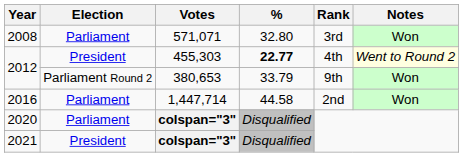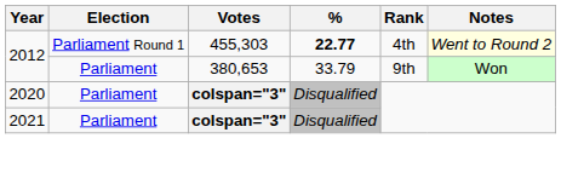 <table class="wikitable" style="text-align:center;">
 <tr>
 <th>Year</th>
 <th>Election</th>
 <th>Votes</th>
 <th>%</th>
 <th>Rank</th>
 <th>Notes</th>
 </tr>
 <tr>
-<td>2008</td>
-<td><a href='#'>Parliament</a></td>
-<td>571,071</td>
-<td>32.80</td>
-<td>3rd</td>
-<td style="background-color:#CCFFCC">Won</td>
-</tr>
-<tr>
 <td rowspan="2">2012</td>
-<td><a href='#'>President</a></td>
+<td><a href='#'>Parliament</a> <small>Round 1</small></td>
 <td> 455,303</td>
 <td><strong> 22.77</strong></td>
 <td>4th</td>
 <td style="background-color:#FFFFE0"><em>Went to Round 2</em></td>
 </tr>
 <tr>
-<td>Parliament <small>Round 2</small></td>
+<td><a href='#'>Parliament</a></td>
 <td> 380,653</td>
 <td> 33.79</td>
 <td>9th</td>
-<td style="background-color:#CCFFCC">Won</td>
-</tr>
-<tr>
-<td>2016</td>
-<td><a href='#'>Parliament</a></td>
-<td> 1,447,714</td>
-<td> 44.58</td>
-<td>2nd</td>
 <td style="background-color:#CCFFCC">Won</td>
 </tr>
 <tr>
 <td>2020</td>
 <td><a href='#'>Parliament</a></td>
 <th>colspan="3" </th>
 <td style="background-color:#C0C0C0"><em>Disqualified</em></td>
 </tr>
 <tr>
 <td>2021</td>
-<td><a href='#'>President</a></td>
+<td><a href='#'>Parliament</a></td>
 <th>colspan="3" </th>
 <td style="background-color:#C0C0C0"><em>Disqualified</em></td>
 </tr>
 </table>
